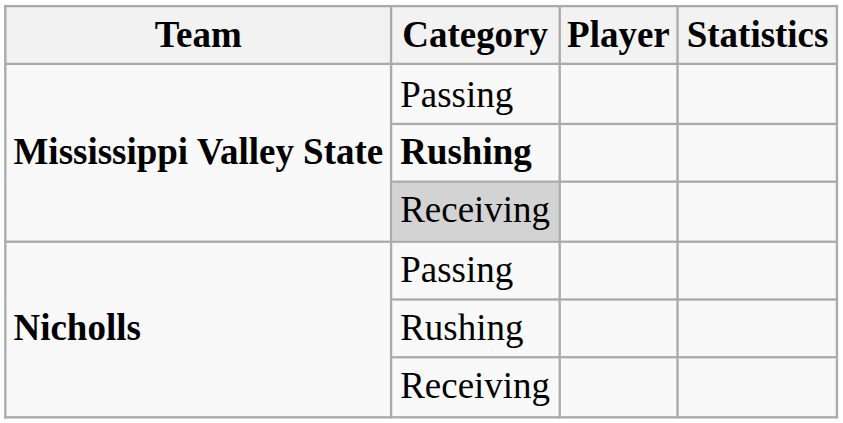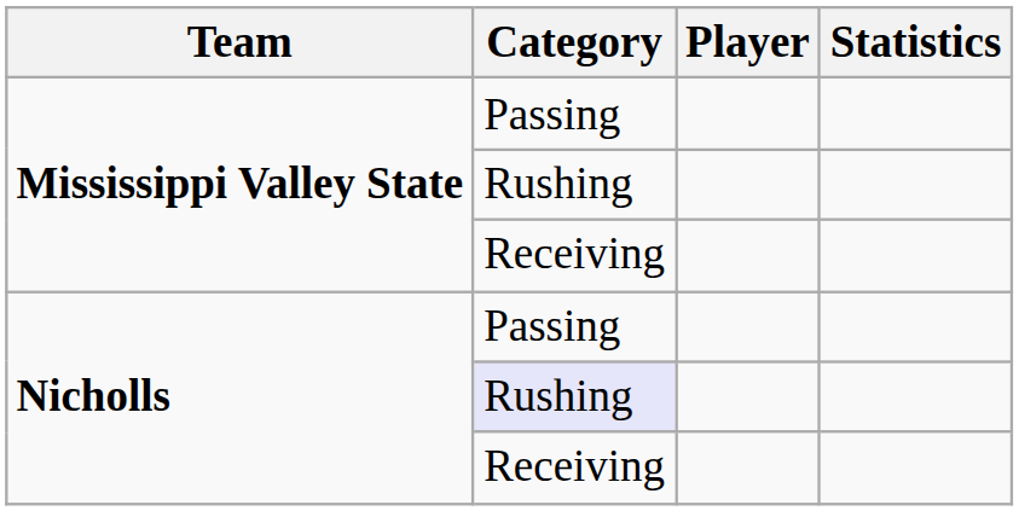 <table class="wikitable" style="float: right;">
 <tr>
 <th>Team</th>
 <th>Category</th>
 <th>Player</th>
 <th>Statistics</th>
 </tr>
 <tr>
 <td rowspan=3><strong>Mississippi Valley State</strong></td>
 <td>Passing</td>
 <td></td>
 <td></td>
 </tr>
 <tr>
-<td><strong>Rushing</strong></td>
+<td>Rushing</td>
 <td></td>
 <td></td>
 </tr>
 <tr>
-<td style="background: lightgrey;">Receiving</td>
+<td>Receiving</td>
 <td></td>
 <td></td>
 </tr>
 <tr>
 <td rowspan=3><strong>Nicholls</strong></td>
 <td>Passing</td>
 <td></td>
 <td></td>
 </tr>
 <tr>
-<td>Rushing</td>
+<td style="background: lavender;">Rushing</td>
 <td></td>
 <td></td>
 </tr>
 <tr>
 <td>Receiving</td>
 <td></td>
 <td></td>
 </tr>
 </table>
